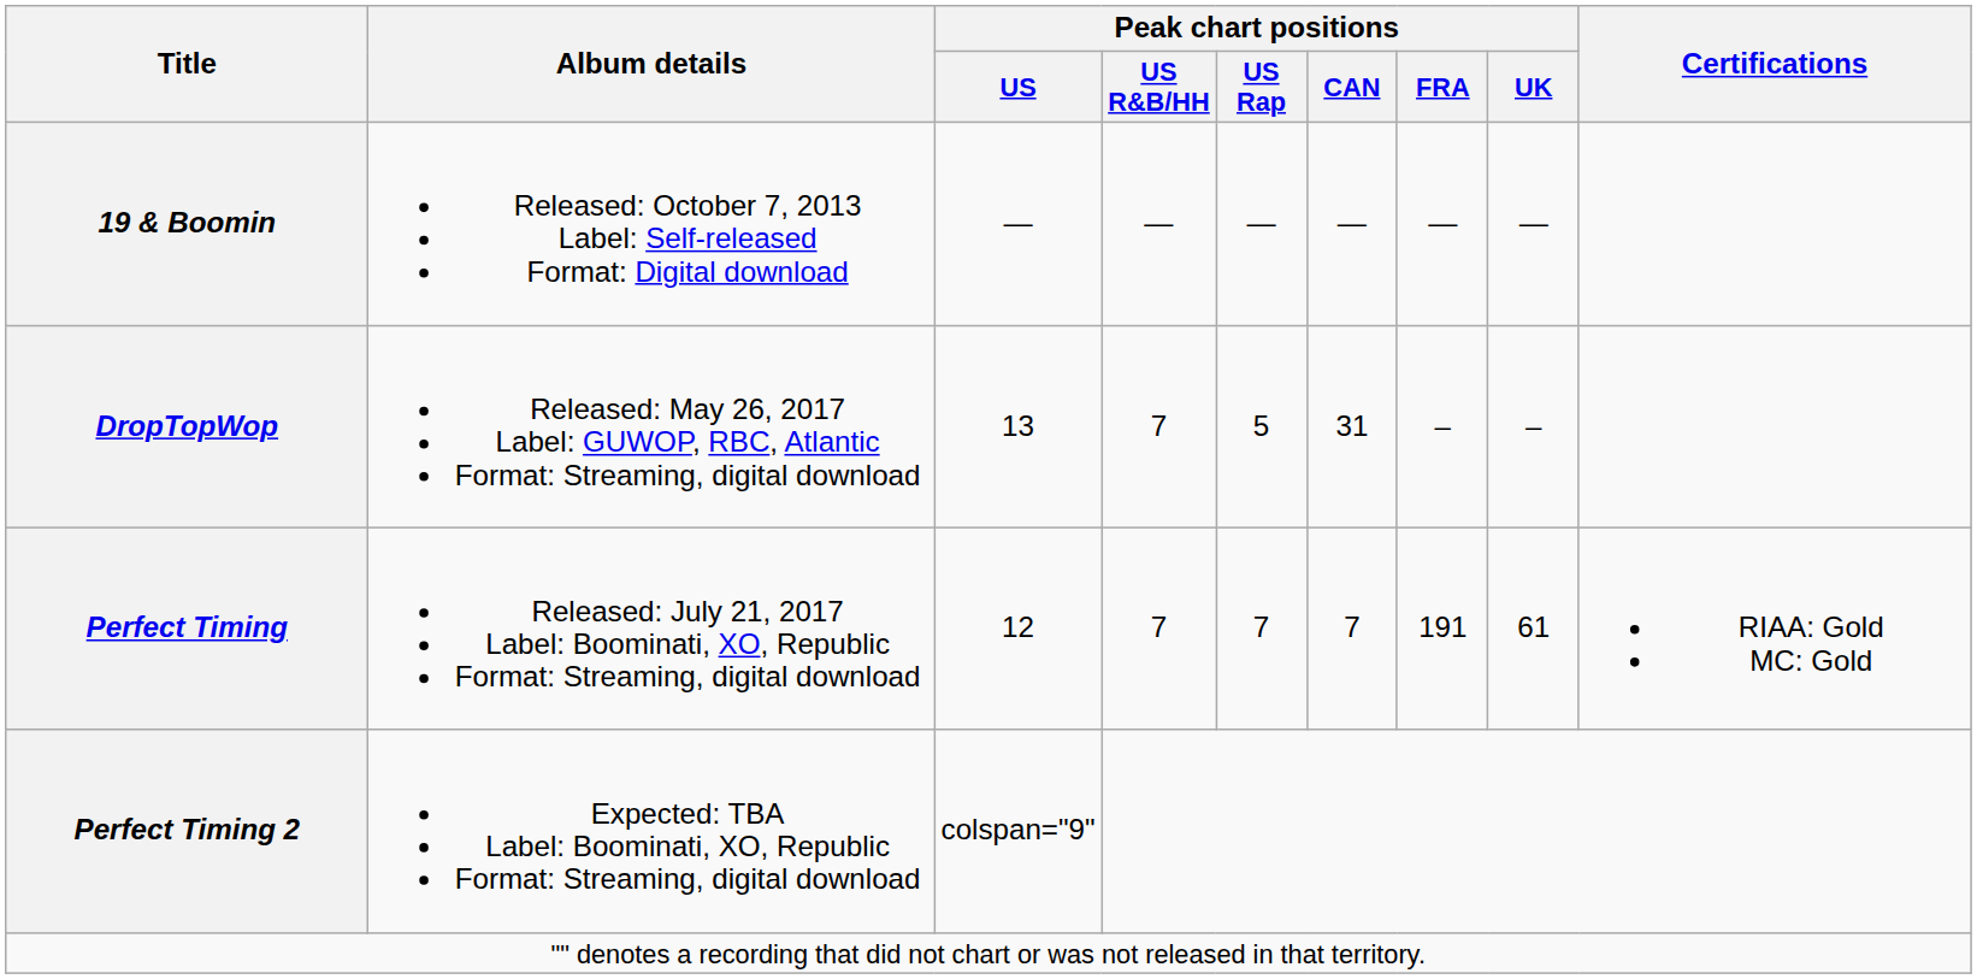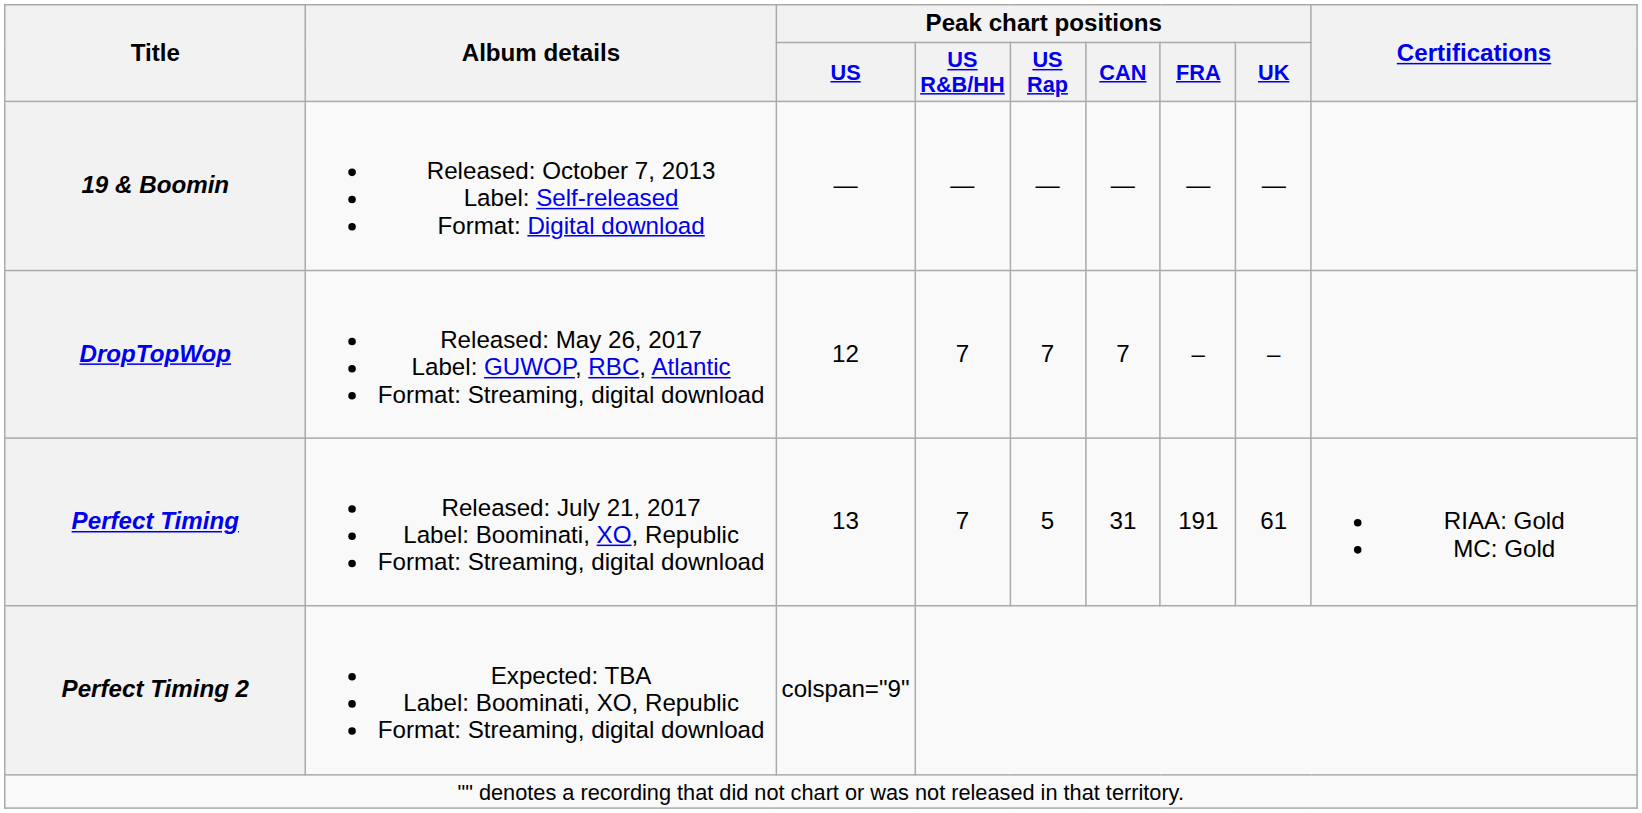 <table class="wikitable plainrowheaders" style="text-align:center;">
 <tr>
 <th rowspan="2" style="width:12em;">Title</th>
 <th rowspan="2" style="width:19em;">Album details</th>
 <th colspan="6">Peak chart positions</th>
 <th scope="col" rowspan="2" style="width:13em;"><a href='#'>Certifications</a></th>
 </tr>
 <tr>
 <th style="width:3em;font-size:90%;"><a href='#'>US</a><br></th>
 <th style="width:3em;font-size:90%;"><a href='#'>US<br>R&B/HH</a><br></th>
 <th style="width:3em;font-size:90%;"><a href='#'>US Rap</a><br></th>
 <th style="width:3em;font-size:90%;"><a href='#'>CAN</a><br></th>
 <th style="width:3em;font-size:90%;"><a href='#'>FRA</a><br></th>
 <th style="width:3em;font-size:90%;"><a href='#'>UK</a><br></th>
 </tr>
 <tr>
 <th scope="row"><em>19 & Boomin</em></th>
 <td><br><ul><li>Released: October 7, 2013</li><li>Label: <a href='#'>Self-released</a></li><li>Format: <a href='#'>Digital download</a></li></ul></td>
 <td>—</td>
 <td>—</td>
 <td>—</td>
 <td>—</td>
 <td>—</td>
 <td>—</td>
 <td></td>
 </tr>
 <tr>
 <th scope="row"><em><a href='#'>DropTopWop</a></em> <br></th>
 <td><br><ul><li>Released: May 26, 2017</li><li>Label: <a href='#'>GUWOP</a>, <a href='#'>RBC</a>, <a href='#'>Atlantic</a></li><li>Format: Streaming, digital download</li></ul></td>
-<td>13</td>
+<td>12</td>
 <td>7</td>
-<td>5</td>
-<td>31</td>
+<td>7</td>
+<td>7</td>
 <td>–</td>
 <td>–</td>
 <td></td>
 </tr>
 <tr>
 <th scope="row"><em><a href='#'>Perfect Timing</a></em><br></th>
 <td><br><ul><li>Released: July 21, 2017</li><li>Label: Boominati, <a href='#'>XO</a>, Republic</li><li>Format: Streaming, digital download</li></ul></td>
-<td>12</td>
+<td>13</td>
 <td>7</td>
-<td>7</td>
-<td>7</td>
+<td>5</td>
+<td>31</td>
 <td>191</td>
 <td>61</td>
 <td><br><ul><li>RIAA: Gold</li><li>MC: Gold</li></ul></td>
 </tr>
 <tr>
 <th scope="row"><em>Perfect Timing 2</em><br></th>
 <td><br><ul><li>Expected: TBA</li><li>Label: Boominati, XO, Republic</li><li>Format: Streaming, digital download</li></ul></td>
 <td>colspan="9" </td>
 </tr>
 <tr>
 <td colspan="14" style="font-size:90%">"" denotes a recording that did not chart or was not released in that territory.</td>
 </tr>
 </table>
